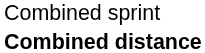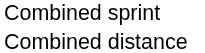 <table>
 <tr>
 <td>Combined sprint<br></td>
 <td></td>
 <td></td>
 <td></td>
 </tr>
 <tr>
-<td><strong>Combined distance<br></strong></td>
+<td>Combined distance<br></td>
 <td></td>
 <td></td>
 <td></td>
 </tr>
 </table>
